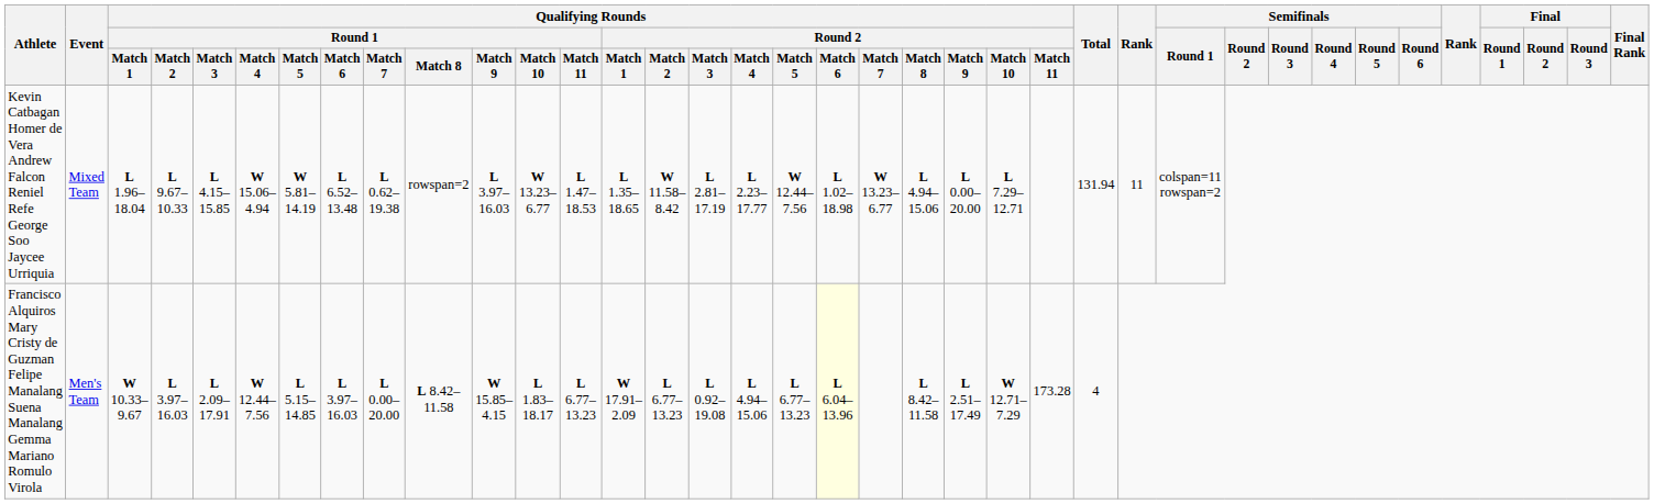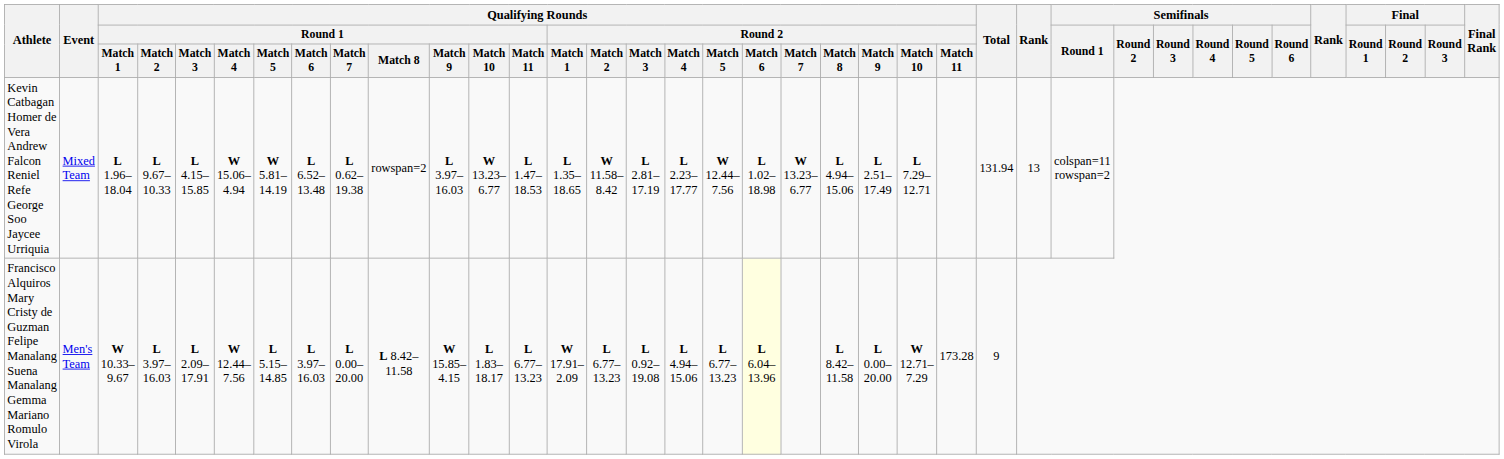 <table class=wikitable style="font-size:90%">
 <tr>
 <th rowspan=3>Athlete</th>
 <th rowspan=3>Event</th>
 <th colspan=22>Qualifying Rounds</th>
 <th rowspan=3>Total</th>
 <th rowspan=3>Rank</th>
 <th colspan=6>Semifinals</th>
 <th rowspan=3>Rank</th>
 <th colspan=3>Final</th>
 <th rowspan=3>Final Rank</th>
 </tr>
 <tr style="font-size:95%">
 <th colspan=11>Round 1</th>
 <th colspan=11>Round 2</th>
 <th rowspan=2>Round 1</th>
 <th rowspan=2>Round 2</th>
 <th rowspan=2>Round 3</th>
 <th rowspan=2>Round 4</th>
 <th rowspan=2>Round 5</th>
 <th rowspan=2>Round 6</th>
 <th rowspan=2>Round 1</th>
 <th rowspan=2>Round 2</th>
 <th rowspan=2>Round 3</th>
 </tr>
 <tr style="font-size:95%">
 <th>Match 1</th>
 <th>Match 2</th>
 <th>Match 3</th>
 <th>Match 4</th>
 <th>Match 5</th>
 <th>Match 6</th>
 <th>Match 7</th>
 <th>Match 8</th>
 <th>Match 9</th>
 <th>Match 10</th>
 <th>Match 11</th>
 <th>Match 1</th>
 <th>Match 2</th>
 <th>Match 3</th>
 <th>Match 4</th>
 <th>Match 5</th>
 <th>Match 6</th>
 <th>Match 7</th>
 <th>Match 8</th>
 <th>Match 9</th>
 <th>Match 10</th>
 <th>Match 11</th>
 </tr>
 <tr align=center>
 <td align=left>Kevin Catbagan<br>Homer de Vera<br>Andrew Falcon<br>Reniel Refe<br>George Soo<br>Jaycee Urriquia</td>
 <td align=left><a href='#'>Mixed Team</a></td>
 <td><br><strong>L</strong> 1.96–18.04</td>
 <td><br><strong>L</strong> 9.67–10.33</td>
 <td><br><strong>L</strong> 4.15–15.85</td>
 <td><br><strong>W</strong> 15.06–4.94</td>
 <td><br><strong>W</strong> 5.81–14.19</td>
 <td><br><strong>L</strong> 6.52–13.48</td>
 <td><br><strong>L</strong> 0.62–19.38</td>
 <td>rowspan=2 </td>
 <td><br><strong>L</strong> 3.97–16.03</td>
 <td><br><strong>W</strong> 13.23–6.77</td>
 <td><br><strong>L</strong> 1.47–18.53</td>
 <td><br><strong>L</strong> 1.35–18.65</td>
 <td><br><strong>W</strong> 11.58–8.42</td>
 <td><br><strong>L</strong> 2.81–17.19</td>
 <td><br><strong>L</strong> 2.23–17.77</td>
 <td><br><strong>W</strong> 12.44–7.56</td>
 <td><br><strong>L</strong> 1.02–18.98</td>
 <td><br><strong>W</strong> 13.23–6.77</td>
 <td><br><strong>L</strong> 4.94–15.06</td>
-<td><br><strong>L</strong> 0.00–20.00</td>
+<td><br><strong>L</strong> 2.51–17.49</td>
 <td><br><strong>L</strong> 7.29–12.71</td>
 <td></td>
 <td>131.94</td>
-<td>11</td>
+<td>13</td>
 <td>colspan=11 rowspan=2 </td>
 </tr>
 <tr align=center>
 <td align=left>Francisco Alquiros<br>Mary Cristy de Guzman<br>Felipe Manalang<br>Suena Manalang<br>Gemma Mariano<br>Romulo Virola</td>
 <td align=left><a href='#'>Men's Team</a></td>
 <td><br><strong>W</strong> 10.33–9.67</td>
 <td><br><strong>L</strong> 3.97–16.03</td>
 <td><br><strong>L</strong> 2.09–17.91</td>
 <td><br><strong>W</strong> 12.44–7.56</td>
 <td><br><strong>L</strong> 5.15–14.85</td>
 <td><br><strong>L</strong> 3.97–16.03</td>
 <td><br><strong>L</strong> 0.00–20.00</td>
 <td><br><strong>L</strong> 8.42–11.58</td>
 <td><br><strong>W</strong> 15.85–4.15</td>
 <td><br><strong>L</strong> 1.83–18.17</td>
 <td><br><strong>L</strong> 6.77–13.23</td>
 <td><br><strong>W</strong> 17.91–2.09</td>
 <td><br><strong>L</strong> 6.77–13.23</td>
 <td><br><strong>L</strong> 0.92–19.08</td>
 <td><br><strong>L</strong> 4.94–15.06</td>
 <td><br><strong>L</strong> 6.77–13.23</td>
 <td style="background: lightyellow;"><br><strong>L</strong> 6.04–13.96</td>
 <td></td>
 <td><br><strong>L</strong> 8.42–11.58</td>
-<td><br><strong>L</strong> 2.51–17.49</td>
+<td><br><strong>L</strong> 0.00–20.00</td>
 <td><br><strong>W</strong> 12.71–7.29</td>
 <td>173.28</td>
-<td>4</td>
+<td>9</td>
 </tr>
 </table>
